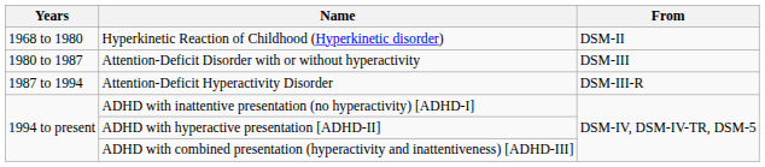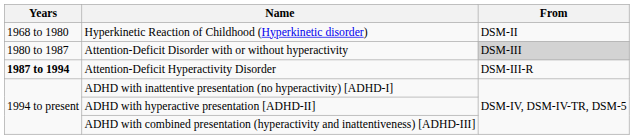 <table class="wikitable">
 <tr>
 <th>Years</th>
 <th>Name</th>
 <th>From</th>
 </tr>
 <tr>
 <td>1968 to 1980</td>
 <td>Hyperkinetic Reaction of Childhood (<a href='#'>Hyperkinetic disorder</a>)</td>
 <td>DSM-II</td>
 </tr>
 <tr>
 <td>1980 to 1987</td>
 <td>Attention-Deficit Disorder with or without hyperactivity</td>
-<td>DSM-III</td>
+<td style="background: lightgrey;">DSM-III</td>
 </tr>
 <tr>
-<td>1987 to 1994</td>
+<td><strong>1987 to 1994</strong></td>
 <td>Attention-Deficit Hyperactivity Disorder</td>
 <td>DSM-III-R</td>
 </tr>
 <tr>
 <td rowspan="3">1994 to present</td>
 <td>ADHD with inattentive presentation (no hyperactivity) [ADHD-I]</td>
 <td rowspan="3">DSM-IV, DSM-IV-TR, DSM-5</td>
 </tr>
 <tr>
 <td>ADHD with hyperactive presentation [ADHD-II]</td>
 </tr>
 <tr>
 <td>ADHD with combined presentation (hyperactivity and inattentiveness) [ADHD-III]</td>
 </tr>
 </table>
